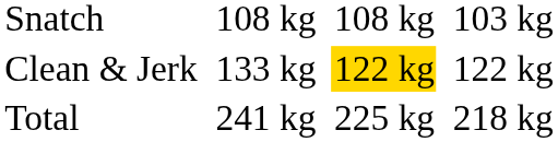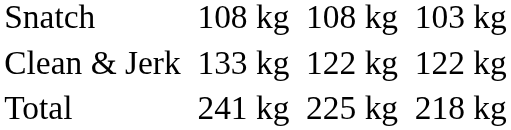 <table>
 <tr>
 <td>Snatch</td>
 <td></td>
 <td>108 kg</td>
 <td></td>
 <td>108 kg</td>
 <td></td>
 <td>103 kg</td>
 </tr>
 <tr>
 <td>Clean & Jerk</td>
 <td></td>
 <td>133 kg</td>
 <td></td>
-<td style="background: gold;">122 kg</td>
+<td>122 kg</td>
 <td></td>
 <td>122 kg</td>
 </tr>
 <tr>
 <td>Total</td>
 <td></td>
 <td>241 kg</td>
 <td></td>
 <td>225 kg</td>
 <td></td>
 <td>218 kg</td>
 </tr>
 </table>
